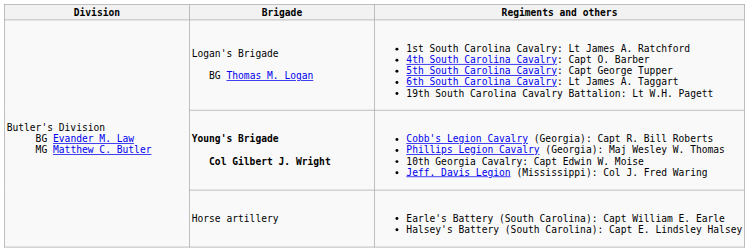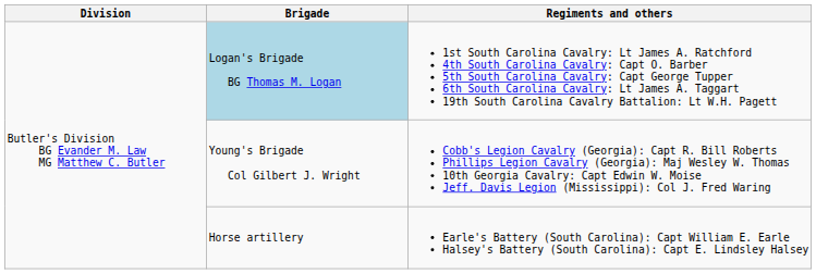 <table class="wikitable">
 <tr>
 <th width=25%>Division</th>
 <th width=25%>Brigade</th>
 <th>Regiments and others</th>
 </tr>
 <tr>
 <td rowspan= 3><br>Butler's Division <br>     BG <a href='#'>Evander M. Law</a> <br>     MG <a href='#'>Matthew C. Butler</a></td>
-<td>Logan's Brigade<br><br>   BG <a href='#'>Thomas M. Logan</a></td>
+<td style="background: lightblue;">Logan's Brigade<br><br>   BG <a href='#'>Thomas M. Logan</a></td>
 <td><br><ul><li>1st South Carolina Cavalry: Lt James A. Ratchford</li><li><a href='#'>4th South Carolina Cavalry</a>: Capt O. Barber</li><li><a href='#'>5th South Carolina Cavalry</a>: Capt George Tupper</li><li><a href='#'>6th South Carolina Cavalry</a>: Lt James A. Taggart</li><li>19th South Carolina Cavalry Battalion: Lt W.H. Pagett</li></ul></td>
 </tr>
 <tr>
-<td><strong>Young's Brigade<br><br>   Col Gilbert J. Wright</strong></td>
+<td>Young's Brigade<br><br>   Col Gilbert J. Wright</td>
 <td><br><ul><li><a href='#'>Cobb's Legion Cavalry</a> (Georgia): Capt R. Bill Roberts</li><li><a href='#'>Phillips Legion Cavalry</a> (Georgia): Maj Wesley W. Thomas</li><li>10th Georgia Cavalry: Capt Edwin W. Moise</li><li><a href='#'>Jeff. Davis Legion</a> (Mississippi): Col J. Fred Waring</li></ul></td>
 </tr>
 <tr>
 <td>Horse artillery</td>
 <td><br><ul><li>Earle's Battery (South Carolina): Capt William E. Earle</li><li>Halsey's Battery (South Carolina): Capt E. Lindsley Halsey</li></ul></td>
 </tr>
 </table>
